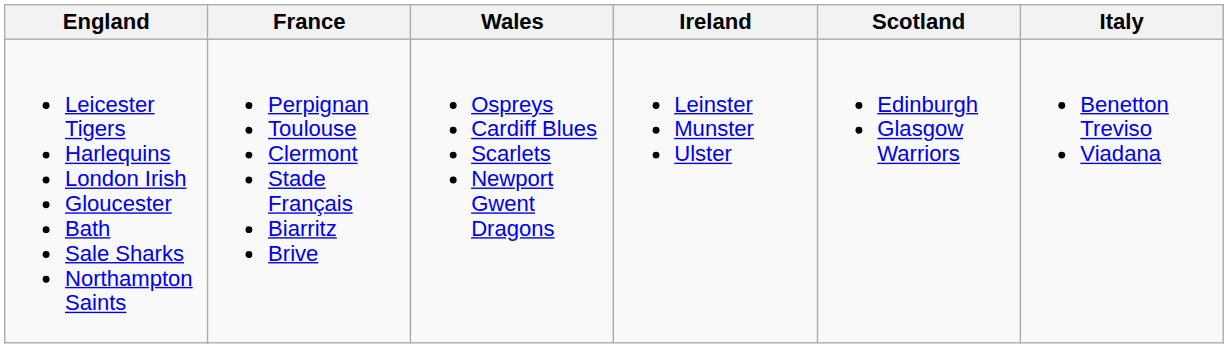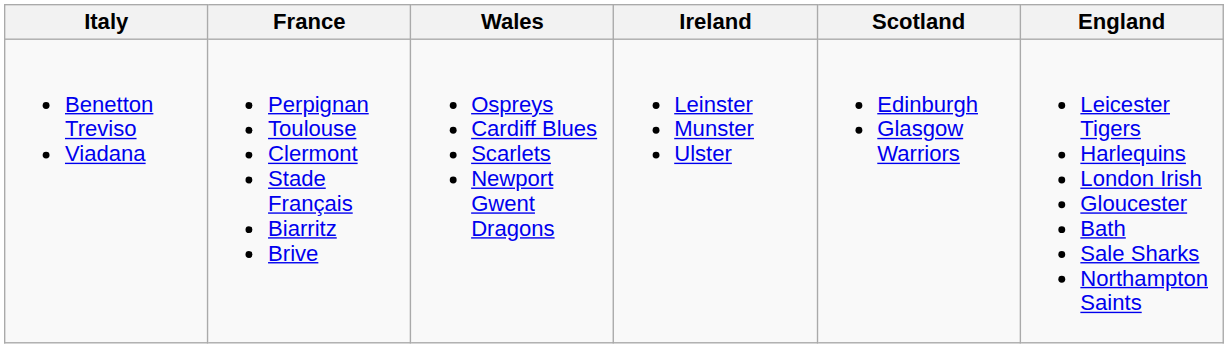 <table class="wikitable" width=100%>
 <tr>
-<th width=16%>England</th>
+<th width=16%>Italy</th>
 <th width=16%>France</th>
 <th width=16%>Wales</th>
 <th width=16%>Ireland</th>
 <th width=16%>Scotland</th>
-<th width=16%>Italy</th>
+<th width=16%>England</th>
 </tr>
 <tr valign=top>
-<td><br><ul><li><a href='#'>Leicester Tigers</a></li><li><a href='#'>Harlequins</a></li><li><a href='#'>London Irish</a></li><li><a href='#'>Gloucester</a></li><li><a href='#'>Bath</a></li><li><a href='#'>Sale Sharks</a></li><li><a href='#'>Northampton Saints</a></li></ul></td>
+<td><br><ul><li><a href='#'>Benetton Treviso</a></li><li><a href='#'>Viadana</a></li></ul></td>
 <td><br><ul><li><a href='#'>Perpignan</a></li><li><a href='#'>Toulouse</a></li><li><a href='#'>Clermont</a></li><li><a href='#'>Stade Français</a></li><li><a href='#'>Biarritz</a></li><li><a href='#'>Brive</a></li></ul></td>
 <td><br><ul><li><a href='#'>Ospreys</a></li><li><a href='#'>Cardiff Blues</a></li><li><a href='#'>Scarlets</a></li><li><a href='#'>Newport Gwent Dragons</a></li></ul></td>
 <td><br><ul><li><a href='#'>Leinster</a></li><li><a href='#'>Munster</a></li><li><a href='#'>Ulster</a></li></ul></td>
 <td><br><ul><li><a href='#'>Edinburgh</a></li><li><a href='#'>Glasgow Warriors</a></li></ul></td>
-<td><br><ul><li><a href='#'>Benetton Treviso</a></li><li><a href='#'>Viadana</a></li></ul></td>
+<td><br><ul><li><a href='#'>Leicester Tigers</a></li><li><a href='#'>Harlequins</a></li><li><a href='#'>London Irish</a></li><li><a href='#'>Gloucester</a></li><li><a href='#'>Bath</a></li><li><a href='#'>Sale Sharks</a></li><li><a href='#'>Northampton Saints</a></li></ul></td>
 </tr>
 </table>
